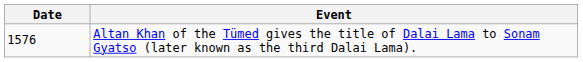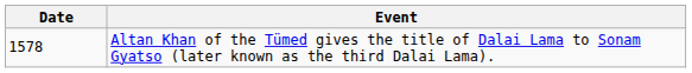 <table class="wikitable" width="100%">
 <tr>
 <th style="width:15%">Date</th>
 <th>Event</th>
 </tr>
 <tr>
-<td>1576</td>
+<td>1578</td>
 <td><a href='#'>Altan Khan</a> of the <a href='#'>Tümed</a> gives the title of <a href='#'>Dalai Lama</a> to <a href='#'>Sonam Gyatso</a> (later known as the third Dalai Lama).</td>
 </tr>
 </table>
